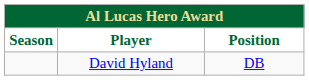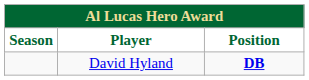 <table class="wikitable sortable" style="text-align:center">
 <tr>
 <td colspan="4" style="background:#063; color:	#ed9;"><strong>Al Lucas Hero Award</strong></td>
 </tr>
 <tr>
 <th style="width:50px; background:white; color:#063;">Season</th>
 <th style="width:150px; background:white; color:#063;">Player</th>
 <th style="width:100px; background:white; color:#063;">Position</th>
 </tr>
 <tr>
 <td></td>
 <td><a href='#'>David Hyland</a></td>
-<td><a href='#'>DB</a></td>
+<td><strong><a href='#'>DB</a></strong></td>
 </tr>
 </table>
